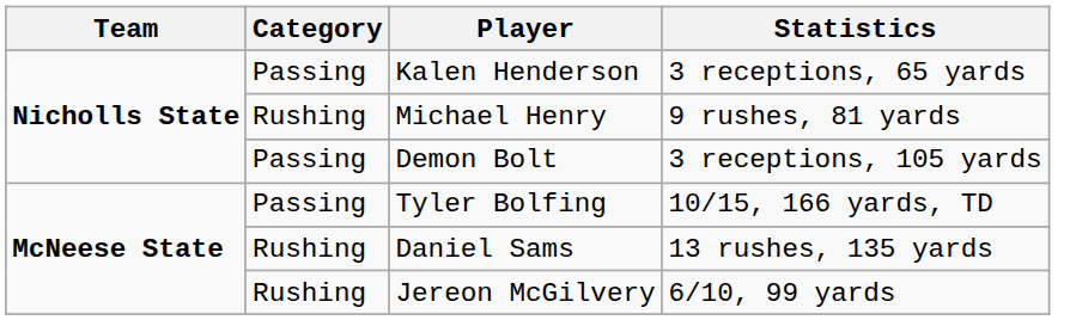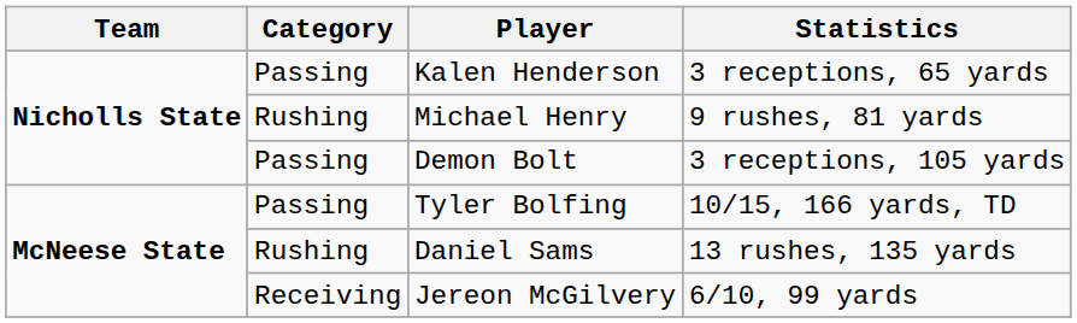 <table class="wikitable" style="float: left;">
 <tr>
 <th>Team</th>
 <th>Category</th>
 <th>Player</th>
 <th>Statistics</th>
 </tr>
 <tr>
 <td rowspan=3><strong>Nicholls State</strong></td>
 <td>Passing</td>
 <td>Kalen Henderson</td>
 <td>3 receptions, 65 yards</td>
 </tr>
 <tr>
 <td>Rushing</td>
 <td>Michael Henry</td>
 <td>9 rushes, 81 yards</td>
 </tr>
 <tr>
 <td>Passing</td>
 <td>Demon Bolt</td>
 <td>3 receptions, 105 yards</td>
 </tr>
 <tr>
 <td rowspan=3><strong>McNeese State</strong></td>
 <td>Passing</td>
 <td>Tyler Bolfing</td>
 <td>10/15, 166 yards, TD</td>
 </tr>
 <tr>
 <td>Rushing</td>
 <td>Daniel Sams</td>
 <td>13 rushes, 135 yards</td>
 </tr>
 <tr>
-<td>Rushing</td>
+<td>Receiving</td>
 <td>Jereon McGilvery</td>
 <td>6/10, 99 yards</td>
 </tr>
 </table>
